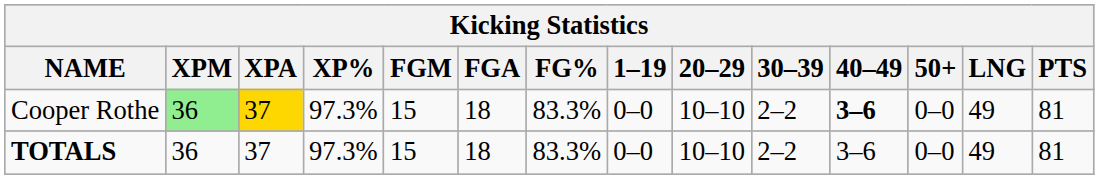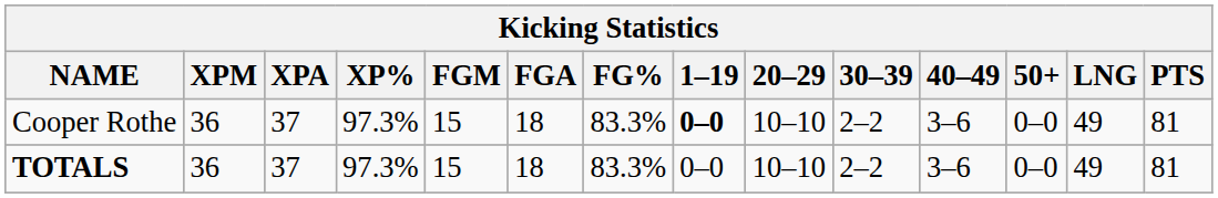 <table class="wikitable sortable collapsible collapsed">
 <tr>
 <th colspan="16">Kicking Statistics</th>
 </tr>
 <tr>
 <th>NAME</th>
 <th>XPM</th>
 <th>XPA</th>
 <th>XP%</th>
 <th>FGM</th>
 <th>FGA</th>
 <th>FG%</th>
 <th>1–19</th>
 <th>20–29</th>
 <th>30–39</th>
 <th>40–49</th>
 <th>50+</th>
 <th>LNG</th>
 <th>PTS</th>
 </tr>
 <tr>
 <td>Cooper Rothe</td>
-<td style="background: lightgreen;">36</td>
-<td style="background: gold;">37</td>
+<td>36</td>
+<td>37</td>
 <td>97.3%</td>
 <td>15</td>
 <td>18</td>
 <td>83.3%</td>
-<td>0–0</td>
+<td><strong>0–0</strong></td>
 <td>10–10</td>
 <td>2–2</td>
-<td><strong>3–6</strong></td>
+<td>3–6</td>
 <td>0–0</td>
 <td>49</td>
 <td>81</td>
 </tr>
 <tr>
 <td><strong>TOTALS</strong></td>
 <td>36</td>
 <td>37</td>
 <td>97.3%</td>
 <td>15</td>
 <td>18</td>
 <td>83.3%</td>
 <td>0–0</td>
 <td>10–10</td>
 <td>2–2</td>
 <td>3–6</td>
 <td>0–0</td>
 <td>49</td>
 <td>81</td>
 </tr>
 </table>
